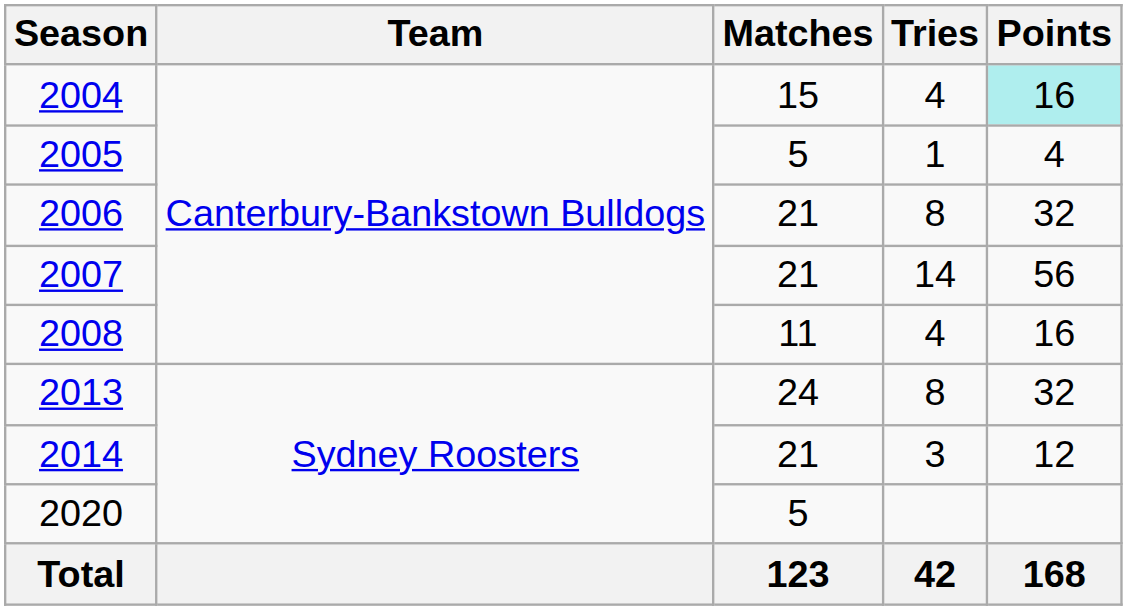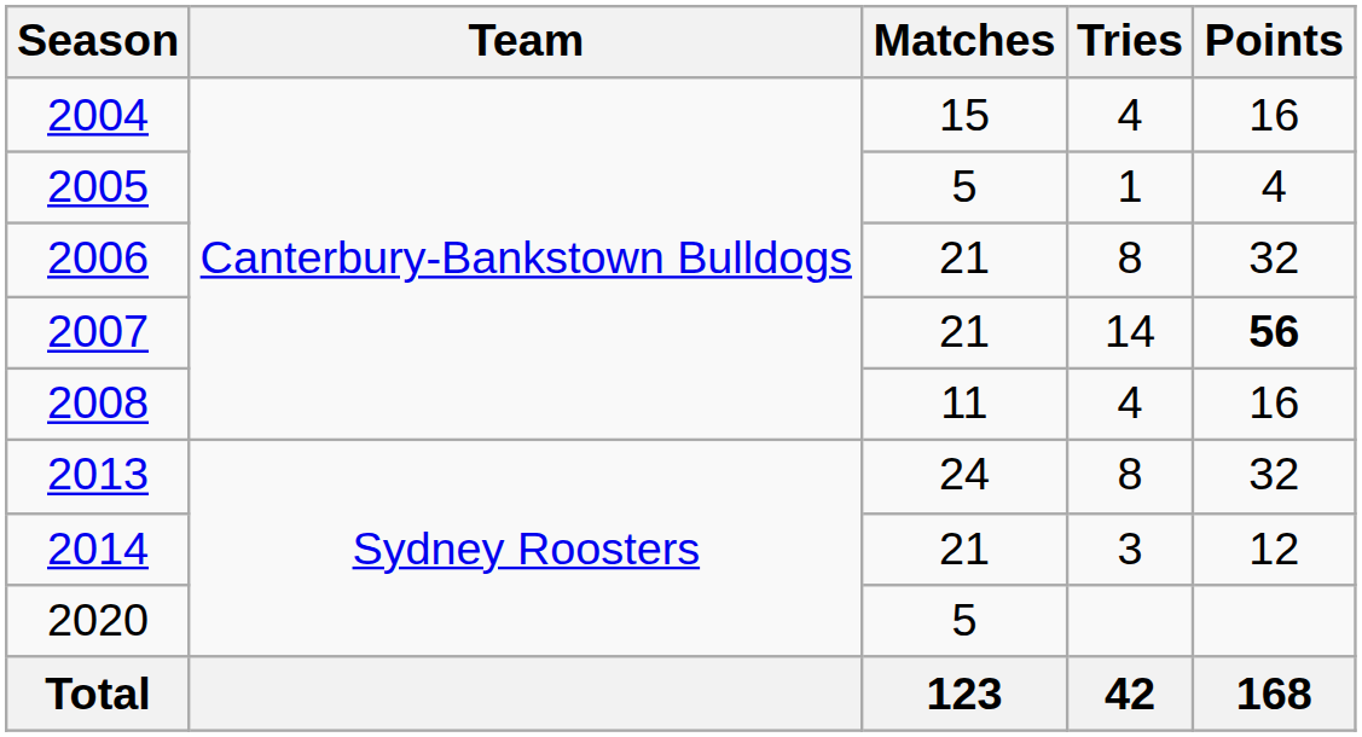 <table class="wikitable sortable" style="text-align:center;">
 <tr>
 <th>Season</th>
 <th>Team</th>
 <th>Matches</th>
 <th>Tries</th>
 <th>Points</th>
 </tr>
 <tr>
 <td><a href='#'>2004</a></td>
 <td rowspan="5"> <a href='#'>Canterbury-Bankstown Bulldogs</a></td>
 <td>15</td>
 <td>4</td>
-<td style="background: paleturquoise;">16</td>
+<td>16</td>
 </tr>
 <tr>
 <td><a href='#'>2005</a></td>
 <td>5</td>
 <td>1</td>
 <td>4</td>
 </tr>
 <tr>
 <td><a href='#'>2006</a></td>
 <td>21</td>
 <td>8</td>
 <td>32</td>
 </tr>
 <tr>
 <td><a href='#'>2007</a></td>
 <td>21</td>
 <td>14</td>
-<td>56</td>
+<td><strong>56</strong></td>
 </tr>
 <tr>
 <td><a href='#'>2008</a></td>
 <td>11</td>
 <td>4</td>
 <td>16</td>
 </tr>
 <tr>
 <td><a href='#'>2013</a></td>
 <td rowspan="3"> <a href='#'>Sydney Roosters</a></td>
 <td>24</td>
 <td>8</td>
 <td>32</td>
 </tr>
 <tr>
 <td><a href='#'>2014</a></td>
 <td>21</td>
 <td>3</td>
 <td>12</td>
 </tr>
 <tr>
 <td>2020</td>
 <td>5</td>
 <td></td>
 <td></td>
 </tr>
 <tr>
 <th>Total</th>
 <th></th>
 <th>123</th>
 <th>42</th>
 <th>168</th>
 </tr>
 </table>
